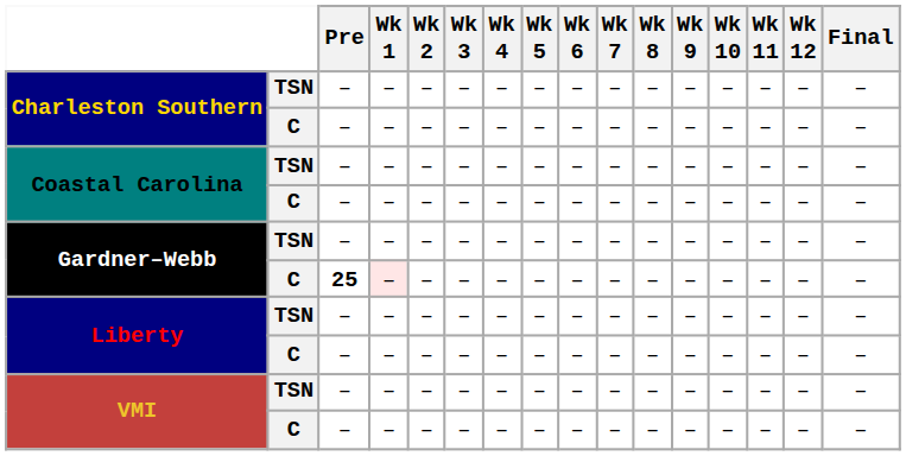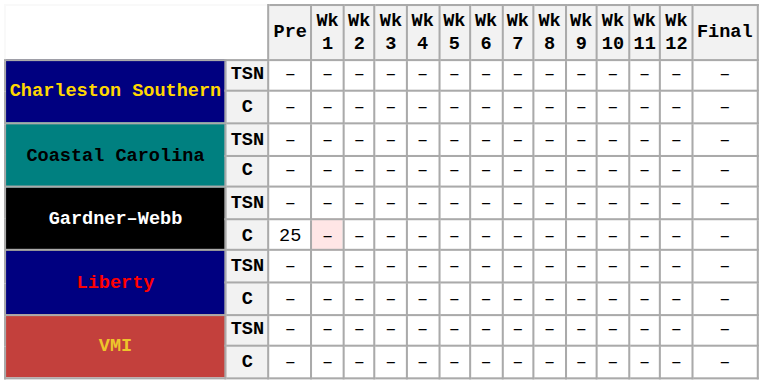 <table class="wikitable" style="white-space:nowrap;font-size:70%;">
 <tr>
 <th colspan=2 style="background:white; border-top-style:hidden; border-left-style:hidden;"> </th>
 <th>Pre</th>
 <th>Wk<br>1</th>
 <th>Wk<br>2</th>
 <th>Wk<br>3</th>
 <th>Wk<br>4</th>
 <th>Wk<br>5</th>
 <th>Wk<br>6</th>
 <th>Wk<br>7</th>
 <th>Wk<br>8</th>
 <th>Wk<br>9</th>
 <th>Wk<br>10</th>
 <th>Wk<br>11</th>
 <th>Wk<br>12</th>
 <th>Final</th>
 </tr>
 <tr style="text-align:center;">
 <th rowspan=2 style="background:navy; color:gold;">Charleston Southern</th>
 <th>TSN</th>
 <td style="background:#FFF;">–</td>
 <td style="background:#FFF;">–</td>
 <td style="background:#FFF;">–</td>
 <td style="background:#FFF;">–</td>
 <td style="background:#FFF;">–</td>
 <td style="background:#FFF;">–</td>
 <td style="background:#FFF;">–</td>
 <td style="background:#FFF;">–</td>
 <td style="background:#FFF;">–</td>
 <td style="background:#FFF;">–</td>
 <td style="background:#FFF;">–</td>
 <td style="background:#FFF;">–</td>
 <td style="background:#FFF;">–</td>
 <td style="background:#FFF;">–</td>
 </tr>
 <tr style="text-align:center;">
 <th>C</th>
 <td style="background:#FFF;">–</td>
 <td style="background:#FFF;">–</td>
 <td style="background:#FFF;">–</td>
 <td style="background:#FFF;">–</td>
 <td style="background:#FFF;">–</td>
 <td style="background:#FFF;">–</td>
 <td style="background:#FFF;">–</td>
 <td style="background:#FFF;">–</td>
 <td style="background:#FFF;">–</td>
 <td style="background:#FFF;">–</td>
 <td style="background:#FFF;">–</td>
 <td style="background:#FFF;">–</td>
 <td style="background:#FFF;">–</td>
 <td style="background:#FFF;">–</td>
 </tr>
 <tr style="text-align:center;">
 <th rowspan=2 style="background:teal; color:black;">Coastal Carolina</th>
 <th>TSN</th>
 <td style="background:#FFF;">–</td>
 <td style="background:#FFF;">–</td>
 <td style="background:#FFF;">–</td>
 <td style="background:#FFF;">–</td>
 <td style="background:#FFF;">–</td>
 <td style="background:#FFF;">–</td>
 <td style="background:#FFF;">–</td>
 <td style="background:#FFF;">–</td>
 <td style="background:#FFF;">–</td>
 <td style="background:#FFF;">–</td>
 <td style="background:#FFF;">–</td>
 <td style="background:#FFF;">–</td>
 <td style="background:#FFF;">–</td>
 <td style="background:#FFF;">–</td>
 </tr>
 <tr style="text-align:center;">
 <th>C</th>
 <td style="background:#FFF;">–</td>
 <td style="background:#FFF;">–</td>
 <td style="background:#FFF;">–</td>
 <td style="background:#FFF;">–</td>
 <td style="background:#FFF;">–</td>
 <td style="background:#FFF;">–</td>
 <td style="background:#FFF;">–</td>
 <td style="background:#FFF;">–</td>
 <td style="background:#FFF;">–</td>
 <td style="background:#FFF;">–</td>
 <td style="background:#FFF;">–</td>
 <td style="background:#FFF;">–</td>
 <td style="background:#FFF;">–</td>
 <td style="background:#FFF;">–</td>
 </tr>
 <tr style="text-align:center;">
 <th rowspan=2 style="background:black; color:white;">Gardner–Webb</th>
 <th>TSN</th>
 <td style="background:#FFF;">–</td>
 <td style="background:#FFF;">–</td>
 <td style="background:#FFF;">–</td>
 <td style="background:#FFF;">–</td>
 <td style="background:#FFF;">–</td>
 <td style="background:#FFF;">–</td>
 <td style="background:#FFF;">–</td>
 <td style="background:#FFF;">–</td>
 <td style="background:#FFF;">–</td>
 <td style="background:#FFF;">–</td>
 <td style="background:#FFF;">–</td>
 <td style="background:#FFF;">–</td>
 <td style="background:#FFF;">–</td>
 <td style="background:#FFF;">–</td>
 </tr>
 <tr style="text-align:center;">
 <th>C</th>
-<td style="background:#FFF;"><strong>25</strong></td>
+<td style="background:#FFF;">25</td>
 <td style="background:#FFE6E6;">–</td>
 <td style="background:#FFF;">–</td>
 <td style="background:#FFF;">–</td>
 <td style="background:#FFF;">–</td>
 <td style="background:#FFF;">–</td>
 <td style="background:#FFF;">–</td>
 <td style="background:#FFF;">–</td>
 <td style="background:#FFF;">–</td>
 <td style="background:#FFF;">–</td>
 <td style="background:#FFF;">–</td>
 <td style="background:#FFF;">–</td>
 <td style="background:#FFF;">–</td>
 <td style="background:#FFF;">–</td>
 </tr>
 <tr style="text-align:center;">
 <th rowspan=2 style="background:navy; color:red;">Liberty</th>
 <th>TSN</th>
 <td style="background:#FFF;">–</td>
 <td style="background:#FFF;">–</td>
 <td style="background:#FFF;">–</td>
 <td style="background:#FFF;">–</td>
 <td style="background:#FFF;">–</td>
 <td style="background:#FFF;">–</td>
 <td style="background:#FFF;">–</td>
 <td style="background:#FFF;">–</td>
 <td style="background:#FFF;">–</td>
 <td style="background:#FFF;">–</td>
 <td style="background:#FFF;">–</td>
 <td style="background:#FFF;">–</td>
 <td style="background:#FFF;">–</td>
 <td style="background:#FFF;">–</td>
 </tr>
 <tr style="text-align:center;">
 <th>C</th>
 <td style="background:#FFF;">–</td>
 <td style="background:#FFF;">–</td>
 <td style="background:#FFF;">–</td>
 <td style="background:#FFF;">–</td>
 <td style="background:#FFF;">–</td>
 <td style="background:#FFF;">–</td>
 <td style="background:#FFF;">–</td>
 <td style="background:#FFF;">–</td>
 <td style="background:#FFF;">–</td>
 <td style="background:#FFF;">–</td>
 <td style="background:#FFF;">–</td>
 <td style="background:#FFF;">–</td>
 <td style="background:#FFF;">–</td>
 <td style="background:#FFF;">–</td>
 </tr>
 <tr style="text-align:center;">
 <th rowspan=2 style="background:#C3403C; color:#EEC52B;">VMI</th>
 <th>TSN</th>
 <td style="background:#FFF;">–</td>
 <td style="background:#FFF;">–</td>
 <td style="background:#FFF;">–</td>
 <td style="background:#FFF;">–</td>
 <td style="background:#FFF;">–</td>
 <td style="background:#FFF;">–</td>
 <td style="background:#FFF;">–</td>
 <td style="background:#FFF;">–</td>
 <td style="background:#FFF;">–</td>
 <td style="background:#FFF;">–</td>
 <td style="background:#FFF;">–</td>
 <td style="background:#FFF;">–</td>
 <td style="background:#FFF;">–</td>
 <td style="background:#FFF;">–</td>
 </tr>
 <tr style="text-align:center;">
 <th>C</th>
 <td style="background:#FFF;">–</td>
 <td style="background:#FFF;">–</td>
 <td style="background:#FFF;">–</td>
 <td style="background:#FFF;">–</td>
 <td style="background:#FFF;">–</td>
 <td style="background:#FFF;">–</td>
 <td style="background:#FFF;">–</td>
 <td style="background:#FFF;">–</td>
 <td style="background:#FFF;">–</td>
 <td style="background:#FFF;">–</td>
 <td style="background:#FFF;">–</td>
 <td style="background:#FFF;">–</td>
 <td style="background:#FFF;">–</td>
 <td style="background:#FFF;">–</td>
 </tr>
 </table>
